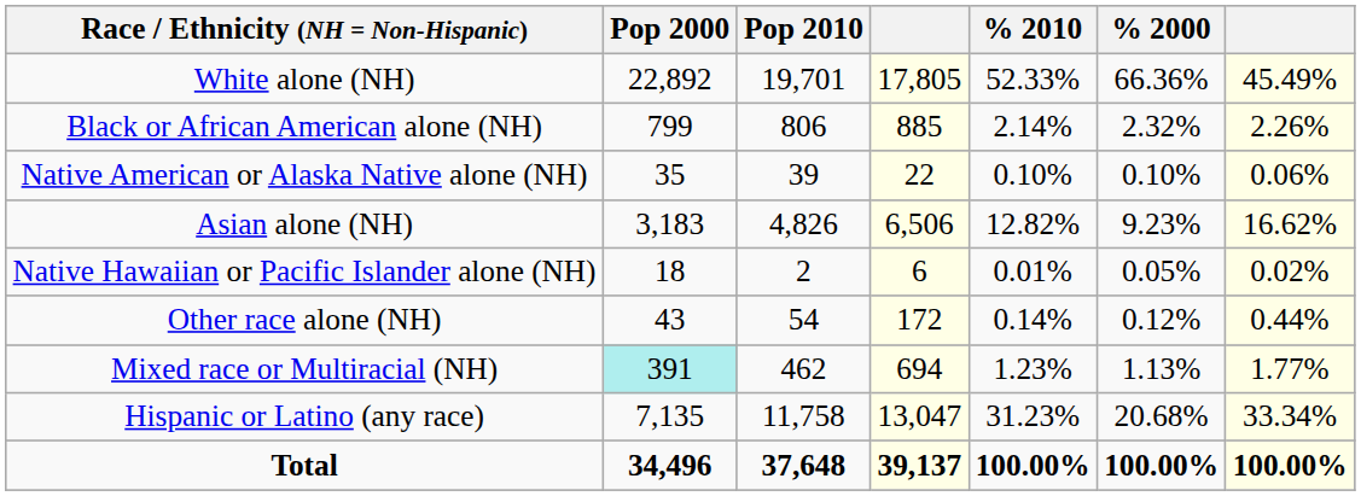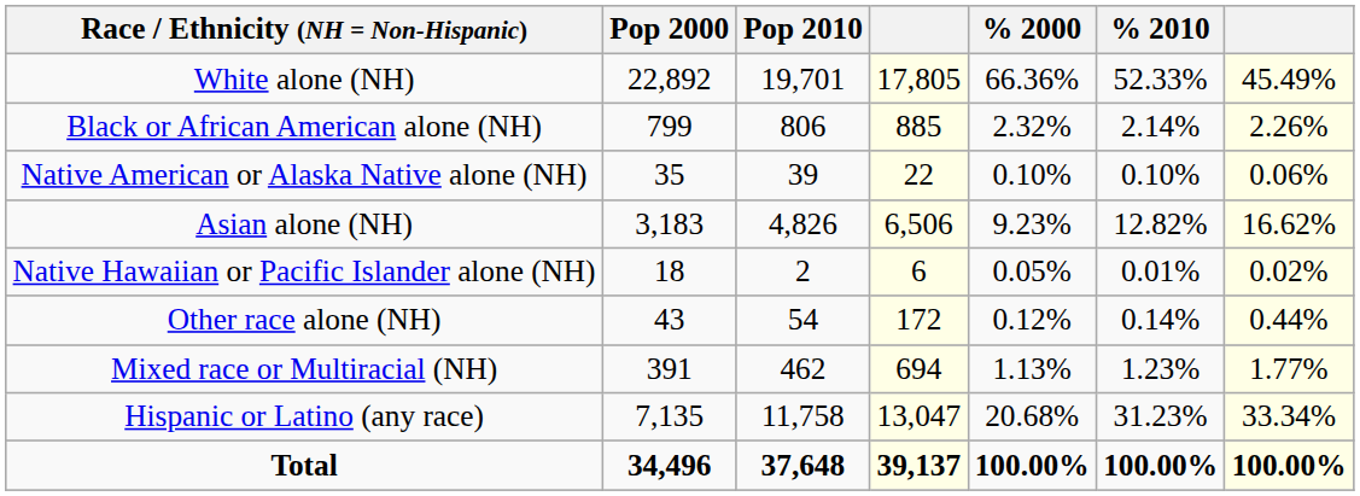 <table class="wikitable" style="text-align:center;">
 <tr>
 <th>Race / Ethnicity <small>(<em>NH = Non-Hispanic</em>)</small></th>
 <th>Pop 2000</th>
 <th>Pop 2010</th>
 <th></th>
+<th>% 2000</th>
 <th>% 2010</th>
-<th>% 2000</th>
 <th></th>
 </tr>
 <tr>
 <td><a href='#'>White</a> alone (NH)</td>
 <td>22,892</td>
 <td>19,701</td>
 <td style='background: #ffffe6;'>17,805</td>
+<td>66.36%</td>
 <td>52.33%</td>
-<td>66.36%</td>
 <td style='background: #ffffe6;'>45.49%</td>
 </tr>
 <tr>
 <td><a href='#'>Black or African American</a> alone (NH)</td>
 <td>799</td>
 <td>806</td>
 <td style='background: #ffffe6;'>885</td>
+<td>2.32%</td>
 <td>2.14%</td>
-<td>2.32%</td>
 <td style='background: #ffffe6;'>2.26%</td>
 </tr>
 <tr>
 <td><a href='#'>Native American</a> or <a href='#'>Alaska Native</a> alone (NH)</td>
 <td>35</td>
 <td>39</td>
 <td style='background: #ffffe6;'>22</td>
 <td>0.10%</td>
 <td>0.10%</td>
 <td style='background: #ffffe6;'>0.06%</td>
 </tr>
 <tr>
 <td><a href='#'>Asian</a> alone (NH)</td>
 <td>3,183</td>
 <td>4,826</td>
 <td style='background: #ffffe6;'>6,506</td>
+<td>9.23%</td>
 <td>12.82%</td>
-<td>9.23%</td>
 <td style='background: #ffffe6;'>16.62%</td>
 </tr>
 <tr>
 <td><a href='#'>Native Hawaiian</a> or <a href='#'>Pacific Islander</a> alone (NH)</td>
 <td>18</td>
 <td>2</td>
 <td style='background: #ffffe6;'>6</td>
+<td>0.05%</td>
 <td>0.01%</td>
-<td>0.05%</td>
 <td style='background: #ffffe6;'>0.02%</td>
 </tr>
 <tr>
 <td><a href='#'>Other race</a> alone (NH)</td>
 <td>43</td>
 <td>54</td>
 <td style='background: #ffffe6;'>172</td>
+<td>0.12%</td>
 <td>0.14%</td>
-<td>0.12%</td>
 <td style='background: #ffffe6;'>0.44%</td>
 </tr>
 <tr>
 <td><a href='#'>Mixed race or Multiracial</a> (NH)</td>
-<td style="background: paleturquoise;">391</td>
+<td>391</td>
 <td>462</td>
 <td style='background: #ffffe6;'>694</td>
+<td>1.13%</td>
 <td>1.23%</td>
-<td>1.13%</td>
 <td style='background: #ffffe6;'>1.77%</td>
 </tr>
 <tr>
 <td><a href='#'>Hispanic or Latino</a> (any race)</td>
 <td>7,135</td>
 <td>11,758</td>
 <td style='background: #ffffe6;'>13,047</td>
+<td>20.68%</td>
 <td>31.23%</td>
-<td>20.68%</td>
 <td style='background: #ffffe6;'>33.34%</td>
 </tr>
 <tr>
 <td><strong>Total</strong></td>
 <td><strong>34,496</strong></td>
 <td><strong>37,648</strong></td>
 <td style='background: #ffffe6;'><strong>39,137</strong></td>
 <td><strong>100.00%</strong></td>
 <td><strong>100.00%</strong></td>
 <td style='background: #ffffe6;'><strong>100.00%</strong></td>
 </tr>
 </table>
